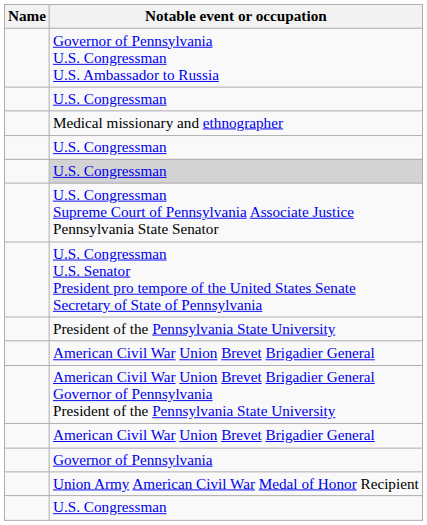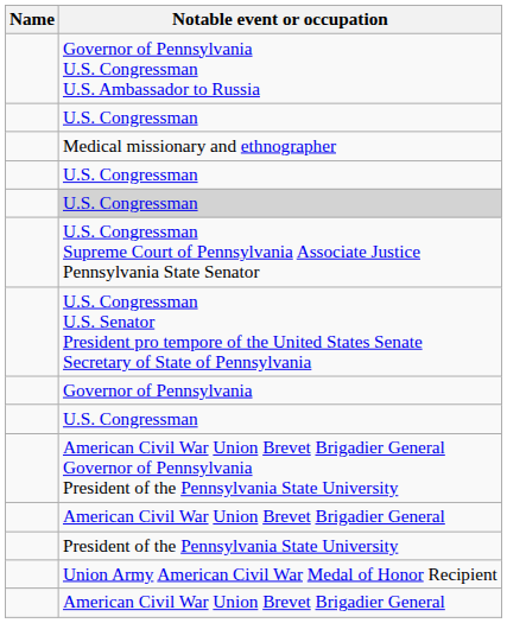 <table class="wikitable sortable">
 <tr>
 <th>Name</th>
 <th class="unsortable">Notable event or occupation</th>
 </tr>
 <tr>
 <td></td>
 <td><a href='#'>Governor of Pennsylvania</a><br><a href='#'>U.S. Congressman</a><br><a href='#'>U.S. Ambassador to Russia</a></td>
 </tr>
 <tr>
 <td></td>
 <td><a href='#'>U.S. Congressman</a></td>
 </tr>
 <tr>
 <td></td>
 <td>Medical missionary and <a href='#'>ethnographer</a></td>
 </tr>
 <tr>
 <td></td>
 <td><a href='#'>U.S. Congressman</a></td>
 </tr>
 <tr>
 <td></td>
 <td style="background: lightgrey;"><a href='#'>U.S. Congressman</a></td>
 </tr>
 <tr>
 <td></td>
 <td><a href='#'>U.S. Congressman</a><br><a href='#'>Supreme Court of Pennsylvania</a> <a href='#'>Associate Justice</a><br>Pennsylvania State Senator</td>
 </tr>
 <tr>
 <td></td>
 <td><a href='#'>U.S. Congressman</a><br><a href='#'>U.S. Senator</a><br><a href='#'>President pro tempore of the United States Senate</a><br><a href='#'>Secretary of State of Pennsylvania</a></td>
 </tr>
 <tr>
 <td></td>
-<td>President of the <a href='#'>Pennsylvania State University</a></td>
+<td><a href='#'>Governor of Pennsylvania</a></td>
 </tr>
 <tr>
 <td></td>
-<td><a href='#'>American Civil War</a> <a href='#'>Union</a> <a href='#'>Brevet</a> <a href='#'>Brigadier General</a></td>
+<td><a href='#'>U.S. Congressman</a></td>
 </tr>
 <tr>
 <td></td>
 <td><a href='#'>American Civil War</a> <a href='#'>Union</a> <a href='#'>Brevet</a> <a href='#'>Brigadier General</a><br><a href='#'>Governor of Pennsylvania</a><br>President of the <a href='#'>Pennsylvania State University</a></td>
 </tr>
 <tr>
 <td></td>
 <td><a href='#'>American Civil War</a> <a href='#'>Union</a> <a href='#'>Brevet</a> <a href='#'>Brigadier General</a></td>
 </tr>
 <tr>
 <td></td>
-<td><a href='#'>Governor of Pennsylvania</a></td>
+<td>President of the <a href='#'>Pennsylvania State University</a></td>
 </tr>
 <tr>
 <td></td>
 <td><a href='#'>Union Army</a> <a href='#'>American Civil War</a> <a href='#'>Medal of Honor</a> Recipient</td>
 </tr>
 <tr>
 <td></td>
-<td><a href='#'>U.S. Congressman</a></td>
+<td><a href='#'>American Civil War</a> <a href='#'>Union</a> <a href='#'>Brevet</a> <a href='#'>Brigadier General</a></td>
 </tr>
 </table>
